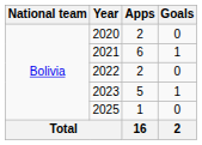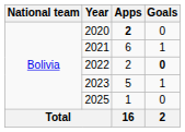 <table class=wikitable style=text-align:center>
 <tr>
 <th>National team</th>
 <th>Year</th>
 <th>Apps</th>
 <th>Goals</th>
 </tr>
 <tr>
 <td rowspan="5"><a href='#'>Bolivia</a></td>
 <td>2020</td>
-<td>2</td>
+<td><strong>2</strong></td>
 <td>0</td>
 </tr>
 <tr>
 <td>2021</td>
 <td>6</td>
 <td>1</td>
 </tr>
 <tr>
 <td>2022</td>
 <td>2</td>
-<td>0</td>
+<td><strong>0</strong></td>
 </tr>
 <tr>
 <td>2023</td>
 <td>5</td>
 <td>1</td>
 </tr>
 <tr>
 <td>2025</td>
 <td>1</td>
 <td>0</td>
 </tr>
 <tr>
 <th colspan="2">Total</th>
 <th>16</th>
 <th>2</th>
 </tr>
 </table>
